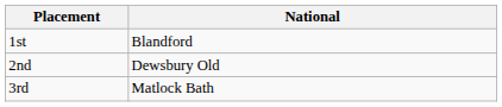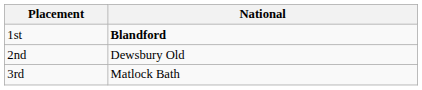 <table class="wikitable">
 <tr>
 <th scope="column" width="15%">Placement</th>
 <th scope="column" width="45%" class="unsortable">National</th>
 </tr>
 <tr>
 <td>1st</td>
-<td>Blandford</td>
+<td><strong>Blandford</strong></td>
 </tr>
 <tr>
 <td>2nd</td>
 <td>Dewsbury Old</td>
 </tr>
 <tr>
 <td>3rd</td>
 <td>Matlock Bath</td>
 </tr>
 </table>
